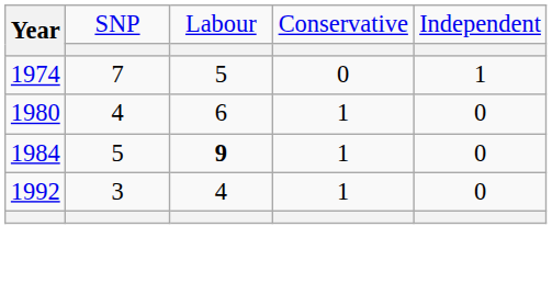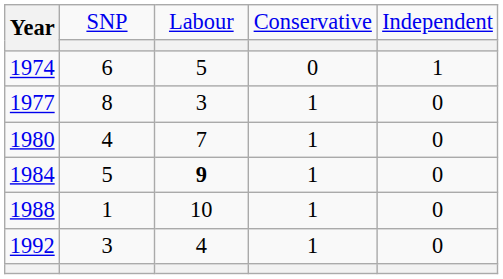 <table class=wikitable style=text-align:center>
 <tr>
 <th rowspan=2>Year</th>
 <td width="60"><a href='#'>SNP</a></td>
 <td width="60"><a href='#'>Labour</a></td>
 <td width="60"><a href='#'>Conservative</a></td>
 <td width="60"><a href='#'>Independent</a></td>
 </tr>
 <tr>
 <th style="background-color: "></th>
 <th style="background-color: "></th>
 <th style="background-color: "></th>
 <th style="background-color: "></th>
 </tr>
 <tr>
 <td><a href='#'>1974</a></td>
-<td>7</td>
+<td>6</td>
 <td>5</td>
 <td>0</td>
 <td>1</td>
 </tr>
 <tr>
+<td><a href='#'>1977</a></td>
+<td>8</td>
+<td>3</td>
+<td>1</td>
+<td>0</td>
+</tr>
+<tr>
 <td><a href='#'>1980</a></td>
 <td>4</td>
-<td>6</td>
+<td>7</td>
 <td>1</td>
 <td>0</td>
 </tr>
 <tr>
 <td><a href='#'>1984</a></td>
 <td>5</td>
 <td><strong>9</strong></td>
+<td>1</td>
+<td>0</td>
+</tr>
+<tr>
+<td><a href='#'>1988</a></td>
+<td>1</td>
+<td>10</td>
 <td>1</td>
 <td>0</td>
 </tr>
 <tr>
 <td><a href='#'>1992</a></td>
 <td>3</td>
 <td>4</td>
 <td>1</td>
 <td>0</td>
 </tr>
 <tr>
 <th></th>
 <th style="background-color: "></th>
 <th style="background-color: "></th>
 <th style="background-color: "></th>
 <th style="background-color: "></th>
 </tr>
 </table>
